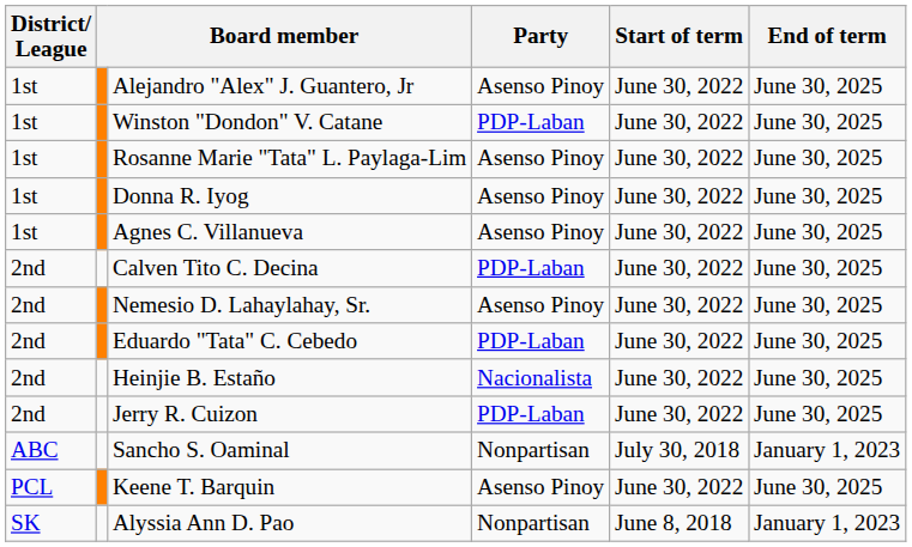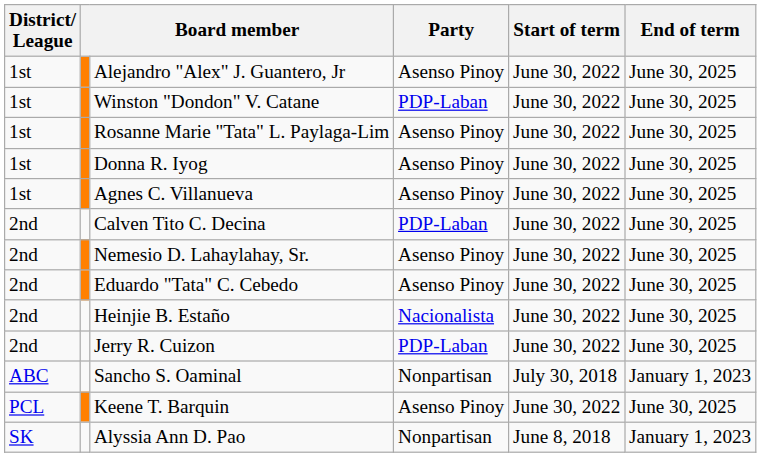 <table class="wikitable">
 <tr>
 <th>District/<br>League</th>
 <th colspan="2">Board member</th>
 <th>Party</th>
 <th>Start of term</th>
 <th>End of term</th>
 </tr>
 <tr>
 <td>1st</td>
 <td bgcolor="#FF8000"></td>
 <td>Alejandro "Alex" J. Guantero, Jr</td>
 <td>Asenso Pinoy</td>
 <td>June 30, 2022</td>
 <td>June 30, 2025</td>
 </tr>
 <tr>
 <td>1st</td>
 <td bgcolor="#FF8000"></td>
 <td>Winston "Dondon" V. Catane</td>
 <td><a href='#'>PDP-Laban</a></td>
 <td>June 30, 2022</td>
 <td>June 30, 2025</td>
 </tr>
 <tr>
 <td>1st</td>
 <td bgcolor="#FF8000"></td>
 <td>Rosanne Marie "Tata" L. Paylaga-Lim</td>
 <td>Asenso Pinoy</td>
 <td>June 30, 2022</td>
 <td>June 30, 2025</td>
 </tr>
 <tr>
 <td>1st</td>
 <td bgcolor="#FF8000"></td>
 <td>Donna R. Iyog</td>
 <td>Asenso Pinoy</td>
 <td>June 30, 2022</td>
 <td>June 30, 2025</td>
 </tr>
 <tr>
 <td>1st</td>
 <td bgcolor="#FF8000"></td>
 <td>Agnes C. Villanueva</td>
 <td>Asenso Pinoy</td>
 <td>June 30, 2022</td>
 <td>June 30, 2025</td>
 </tr>
 <tr>
 <td>2nd</td>
 <td></td>
 <td>Calven Tito C. Decina</td>
 <td><a href='#'>PDP-Laban</a></td>
 <td>June 30, 2022</td>
 <td>June 30, 2025</td>
 </tr>
 <tr>
 <td>2nd</td>
 <td bgcolor="#FF8000"></td>
 <td>Nemesio D. Lahaylahay, Sr.</td>
 <td>Asenso Pinoy</td>
 <td>June 30, 2022</td>
 <td>June 30, 2025</td>
 </tr>
 <tr>
 <td>2nd</td>
 <td bgcolor="#FF8000"></td>
 <td>Eduardo "Tata" C. Cebedo</td>
-<td><a href='#'>PDP-Laban</a></td>
+<td>Asenso Pinoy</td>
 <td>June 30, 2022</td>
 <td>June 30, 2025</td>
 </tr>
 <tr>
 <td>2nd</td>
 <td></td>
 <td>Heinjie B. Estaño</td>
 <td><a href='#'>Nacionalista</a></td>
 <td>June 30, 2022</td>
 <td>June 30, 2025</td>
 </tr>
 <tr>
 <td>2nd</td>
 <td></td>
 <td>Jerry R. Cuizon</td>
 <td><a href='#'>PDP-Laban</a></td>
 <td>June 30, 2022</td>
 <td>June 30, 2025</td>
 </tr>
 <tr>
 <td><a href='#'>ABC</a></td>
 <td></td>
 <td>Sancho S. Oaminal </td>
 <td>Nonpartisan</td>
 <td>July 30, 2018</td>
 <td>January 1, 2023</td>
 </tr>
 <tr>
 <td><a href='#'>PCL</a></td>
 <td bgcolor="#FF8000"></td>
 <td>Keene T. Barquin </td>
 <td>Asenso Pinoy</td>
 <td>June 30, 2022</td>
 <td>June 30, 2025</td>
 </tr>
 <tr>
 <td><a href='#'>SK</a></td>
 <td></td>
 <td>Alyssia Ann D. Pao </td>
 <td>Nonpartisan</td>
 <td>June 8, 2018</td>
 <td>January 1, 2023</td>
 </tr>
 </table>
